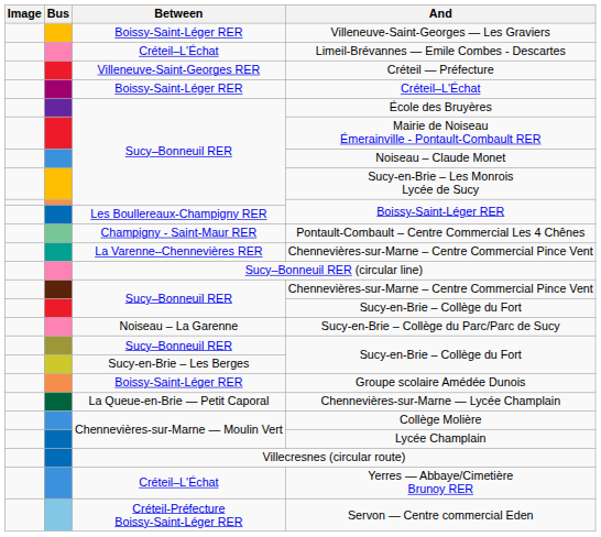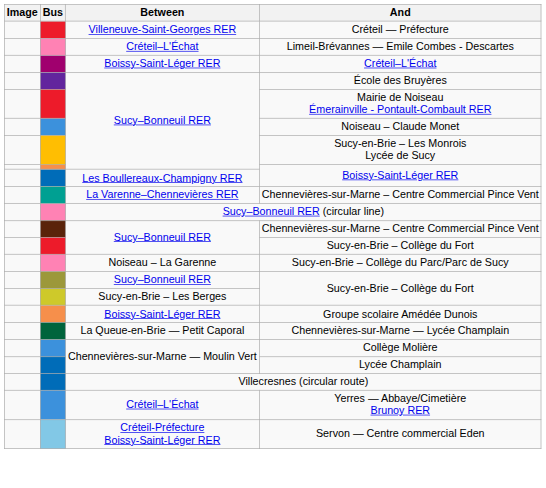 <table class="wikitable alternance centre" style="text-align:center;">
 <tr>
 <th>Image</th>
 <th>Bus</th>
 <th>Between</th>
 <th>And</th>
 </tr>
 <tr>
 <td></td>
-<td style="background:#ffbe02;"></td>
-<td><a href='#'>Boissy-Saint-Léger RER</a></td>
-<td>Villeneuve-Saint-Georges — Les Graviers</td>
+<td style="background:#ed1b2a;"></td>
+<td><a href='#'>Villeneuve-Saint-Georges RER</a></td>
+<td>Créteil — Préfecture</td>
 </tr>
 <tr>
 <td></td>
 <td style="background:#ff82b4;"></td>
 <td><a href='#'>Créteil–L'Échat</a></td>
 <td>Limeil-Brévannes — Emile Combes - Descartes</td>
-</tr>
-<tr>
-<td></td>
-<td style="background:#ed1b2a;"></td>
-<td><a href='#'>Villeneuve-Saint-Georges RER</a></td>
-<td>Créteil — Préfecture</td>
 </tr>
 <tr>
 <td></td>
 <td style="background:#a0006e;"></td>
 <td><a href='#'>Boissy-Saint-Léger RER</a></td>
 <td><a href='#'>Créteil–L'Échat</a></td>
 </tr>
 <tr>
 <td></td>
 <td style="background:#62259d;"></td>
 <td rowspan="5"><a href='#'>Sucy–Bonneuil RER</a></td>
 <td>École des Bruyères</td>
 </tr>
 <tr>
 <td></td>
 <td style="background:#ed1b2a;"></td>
 <td>Mairie de Noiseau<br><a href='#'>Émerainville - Pontault-Combault RER</a></td>
 </tr>
 <tr>
 <td></td>
 <td style="background:#3c91dc;"></td>
 <td>Noiseau – Claude Monet</td>
 </tr>
 <tr>
 <td></td>
 <td style="background:#ffbe02;"></td>
 <td>Sucy-en-Brie – Les Monrois<br>Lycée de Sucy</td>
 </tr>
 <tr>
 <td></td>
 <td style="background:#f68f4b;"></td>
 <td rowspan="2"><a href='#'>Boissy-Saint-Léger RER</a></td>
 </tr>
 <tr>
 <td></td>
 <td style="background:#006cb8;"></td>
 <td><a href='#'>Les Boullereaux-Champigny RER</a></td>
-</tr>
-<tr>
-<td></td>
-<td style="background:#77c695;"></td>
-<td><a href='#'>Champigny - Saint-Maur RER</a></td>
-<td>Pontault-Combault – Centre Commercial Les 4 Chênes</td>
 </tr>
 <tr>
 <td></td>
 <td style="background:#00a092;"></td>
 <td><a href='#'>La Varenne–Chennevières RER</a></td>
 <td>Chennevières-sur-Marne – Centre Commercial Pince Vent</td>
 </tr>
 <tr>
 <td></td>
 <td style="background:#ff82b4;"></td>
 <td colspan="2"><a href='#'>Sucy–Bonneuil RER</a> (circular line)</td>
 </tr>
 <tr>
 <td></td>
 <td style="background:#5a230a;"></td>
 <td rowspan="2"><a href='#'>Sucy–Bonneuil RER</a></td>
 <td>Chennevières-sur-Marne – Centre Commercial Pince Vent</td>
 </tr>
 <tr>
 <td></td>
 <td style="background:#ed1b2a;"></td>
 <td>Sucy-en-Brie – Collège du Fort</td>
 </tr>
 <tr>
 <td></td>
 <td style="background:#ff82b4;"></td>
 <td>Noiseau – La Garenne</td>
 <td>Sucy-en-Brie – Collège du Parc/Parc de Sucy</td>
 </tr>
 <tr>
 <td></td>
 <td style="background:#9c983a;"></td>
 <td><a href='#'>Sucy–Bonneuil RER</a></td>
 <td rowspan="2">Sucy-en-Brie – Collège du Fort</td>
 </tr>
 <tr>
 <td></td>
 <td style="background:#cec92a;"></td>
 <td>Sucy-en-Brie – Les Berges</td>
 </tr>
 <tr>
 <td></td>
 <td style="background:#f68f4b;"></td>
 <td><a href='#'>Boissy-Saint-Léger RER</a></td>
 <td>Groupe scolaire Amédée Dunois</td>
 </tr>
 <tr>
 <td></td>
 <td style="background:#00643c;"></td>
 <td>La Queue-en-Brie — Petit Caporal</td>
 <td>Chennevières-sur-Marne — Lycée Champlain</td>
 </tr>
 <tr>
 <td></td>
 <td style="background:#3c91dc;"></td>
 <td rowspan="2">Chennevières-sur-Marne — Moulin Vert</td>
 <td>Collège Molière</td>
 </tr>
 <tr>
 <td></td>
 <td style="background:#006cb8;"></td>
 <td>Lycée Champlain</td>
 </tr>
 <tr>
 <td></td>
 <td style="background:#006cb8;"></td>
 <td colspan="2">Villecresnes (circular route)</td>
 </tr>
 <tr>
 <td></td>
 <td style="background:#3c91dc;"></td>
 <td><a href='#'>Créteil–L'Échat</a></td>
 <td>Yerres — Abbaye/Cimetière<br><a href='#'>Brunoy RER</a></td>
 </tr>
 <tr>
 <td></td>
 <td style="background:#82c8e6;"></td>
 <td><a href='#'>Créteil-Préfecture</a><br><a href='#'>Boissy-Saint-Léger RER</a></td>
 <td>Servon — Centre commercial Eden</td>
 </tr>
 </table>
